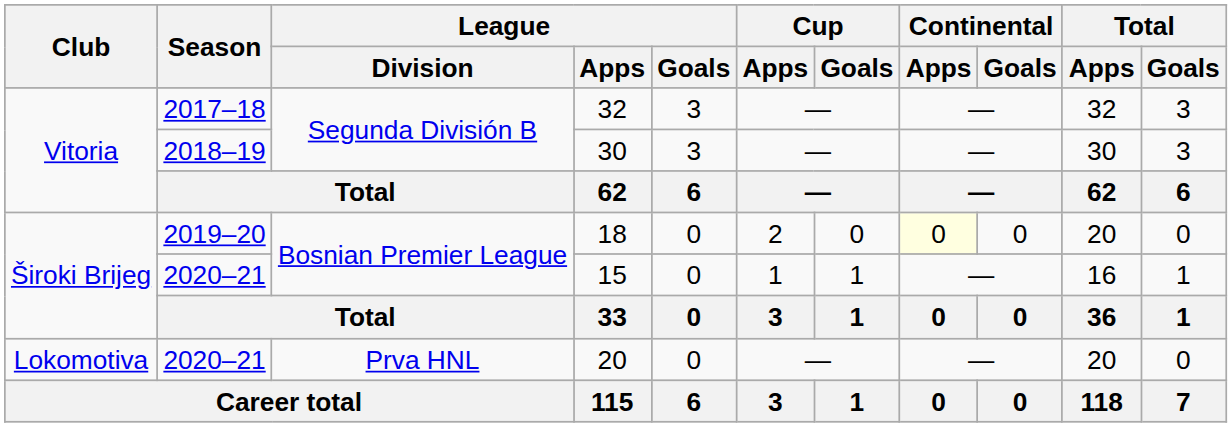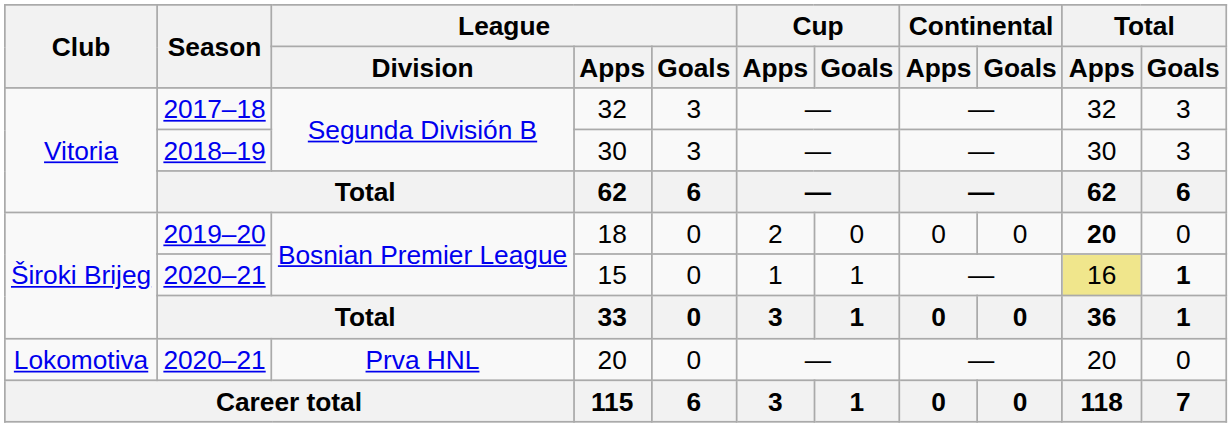 <table class=wikitable style="text-align: center;font-size:95%">
 <tr>
 <th rowspan=2>Club</th>
 <th rowspan=2>Season</th>
 <th colspan=3>League</th>
 <th colspan=2>Cup</th>
 <th colspan=2>Continental</th>
 <th colspan=2>Total</th>
 </tr>
 <tr>
 <th>Division</th>
 <th>Apps</th>
 <th>Goals</th>
 <th>Apps</th>
 <th>Goals</th>
 <th>Apps</th>
 <th>Goals</th>
 <th>Apps</th>
 <th>Goals</th>
 </tr>
 <tr>
 <td rowspan=3><a href='#'>Vitoria</a></td>
 <td><a href='#'>2017–18</a></td>
 <td rowspan=2><a href='#'>Segunda División B</a></td>
 <td>32</td>
 <td>3</td>
 <td colspan=2>—</td>
 <td colspan=2>—</td>
 <td>32</td>
 <td>3</td>
 </tr>
 <tr>
 <td><a href='#'>2018–19</a></td>
 <td>30</td>
 <td>3</td>
 <td colspan=2>—</td>
 <td colspan=2>—</td>
 <td>30</td>
 <td>3</td>
 </tr>
 <tr>
 <th colspan=2>Total</th>
 <th>62</th>
 <th>6</th>
 <th colspan=2>—</th>
 <th colspan=2>—</th>
 <th>62</th>
 <th>6</th>
 </tr>
 <tr>
 <td rowspan=3><a href='#'>Široki Brijeg</a></td>
 <td><a href='#'>2019–20</a></td>
 <td rowspan=2><a href='#'>Bosnian Premier League</a></td>
 <td>18</td>
 <td>0</td>
 <td>2</td>
 <td>0</td>
-<td style="background: lightyellow;">0</td>
 <td>0</td>
-<td>20</td>
+<td>0</td>
+<td><strong>20</strong></td>
 <td>0</td>
 </tr>
 <tr>
 <td><a href='#'>2020–21</a></td>
 <td>15</td>
 <td>0</td>
 <td>1</td>
 <td>1</td>
 <td colspan=2>—</td>
-<td>16</td>
-<td>1</td>
+<td style="background: khaki;">16</td>
+<td><strong>1</strong></td>
 </tr>
 <tr>
 <th colspan=2>Total</th>
 <th>33</th>
 <th>0</th>
 <th>3</th>
 <th>1</th>
 <th>0</th>
 <th>0</th>
 <th>36</th>
 <th>1</th>
 </tr>
 <tr>
 <td rowspan=1><a href='#'>Lokomotiva</a></td>
 <td><a href='#'>2020–21</a></td>
 <td><a href='#'>Prva HNL</a></td>
 <td>20</td>
 <td>0</td>
 <td colspan="2">—</td>
 <td colspan="2">—</td>
 <td>20</td>
 <td>0</td>
 </tr>
 <tr>
 <th colspan=3>Career total</th>
 <th>115</th>
 <th>6</th>
 <th>3</th>
 <th>1</th>
 <th>0</th>
 <th>0</th>
 <th>118</th>
 <th>7</th>
 </tr>
 </table>
